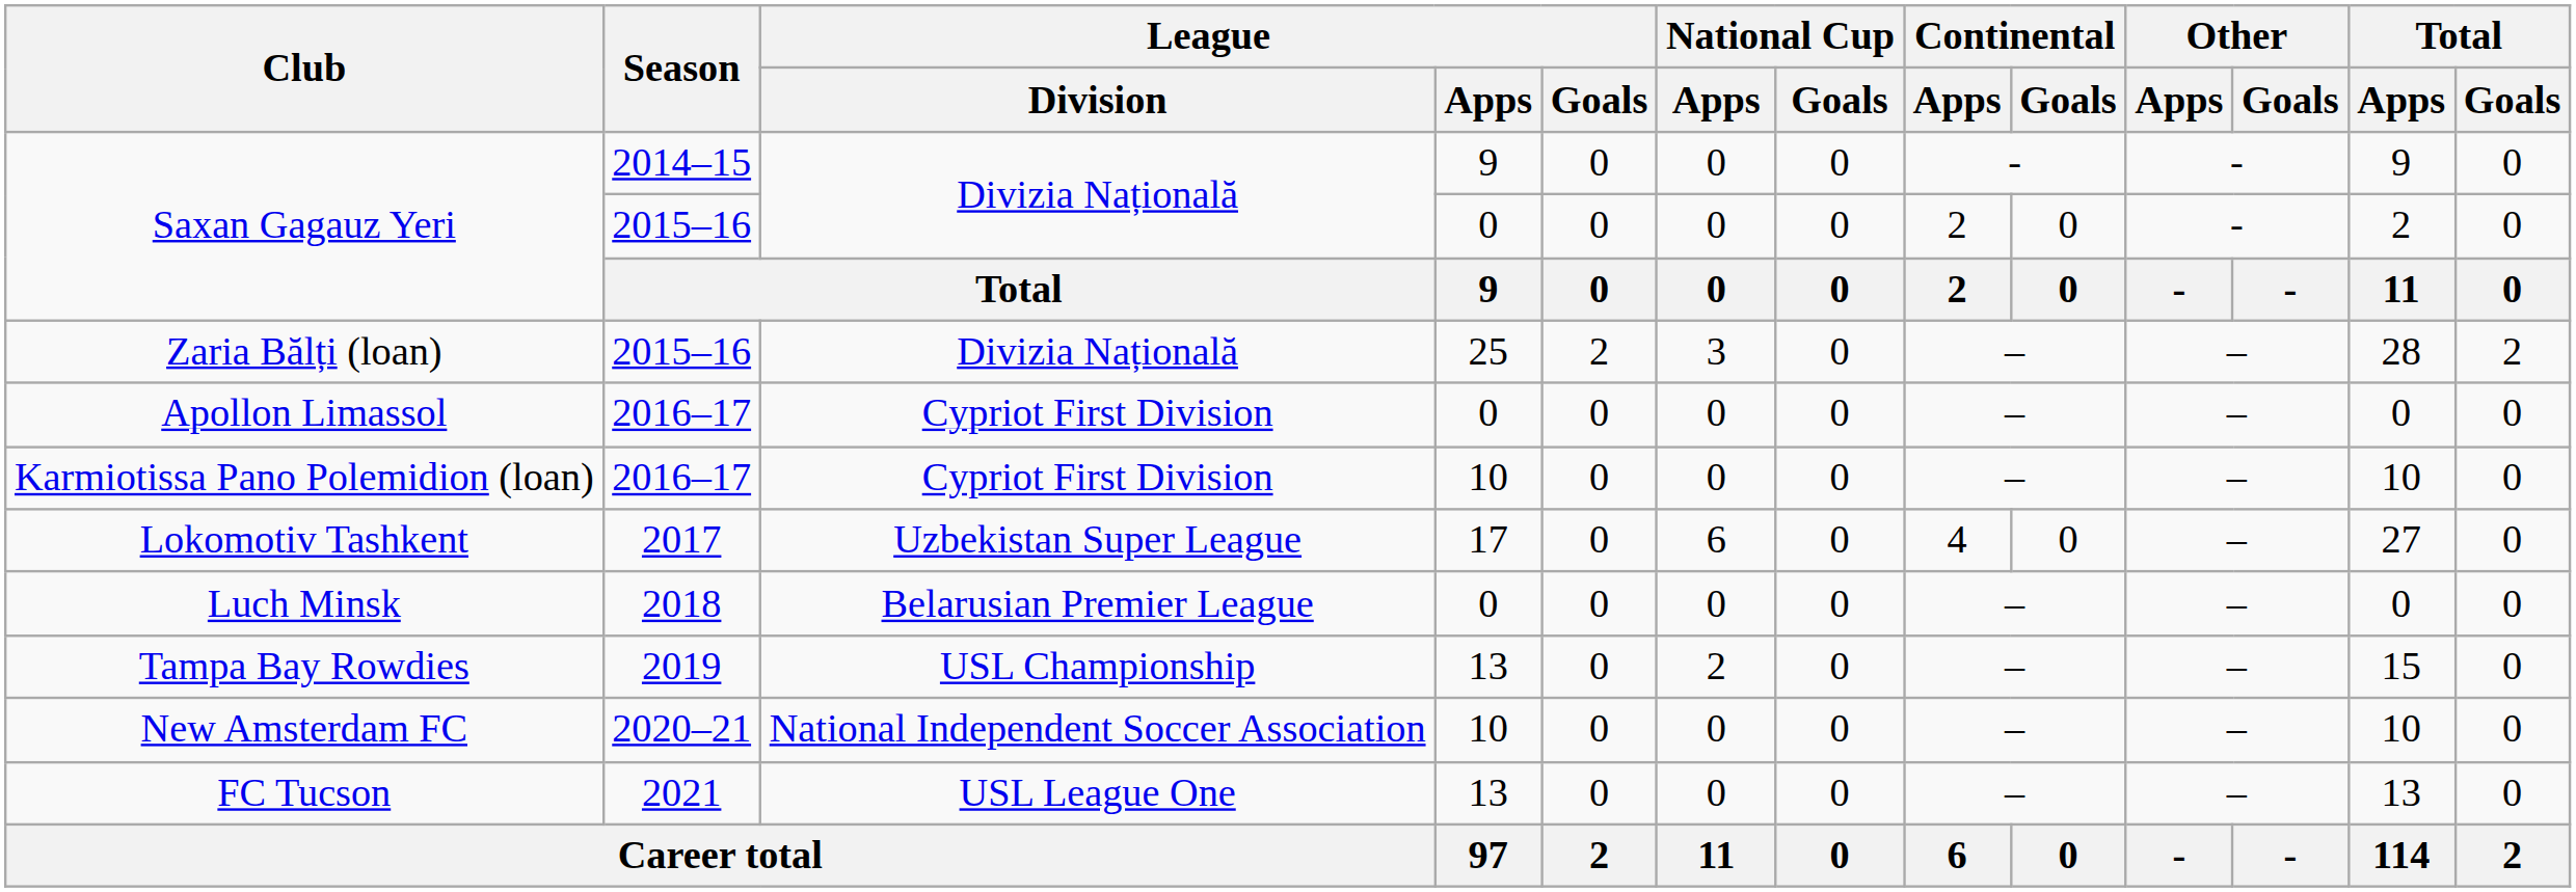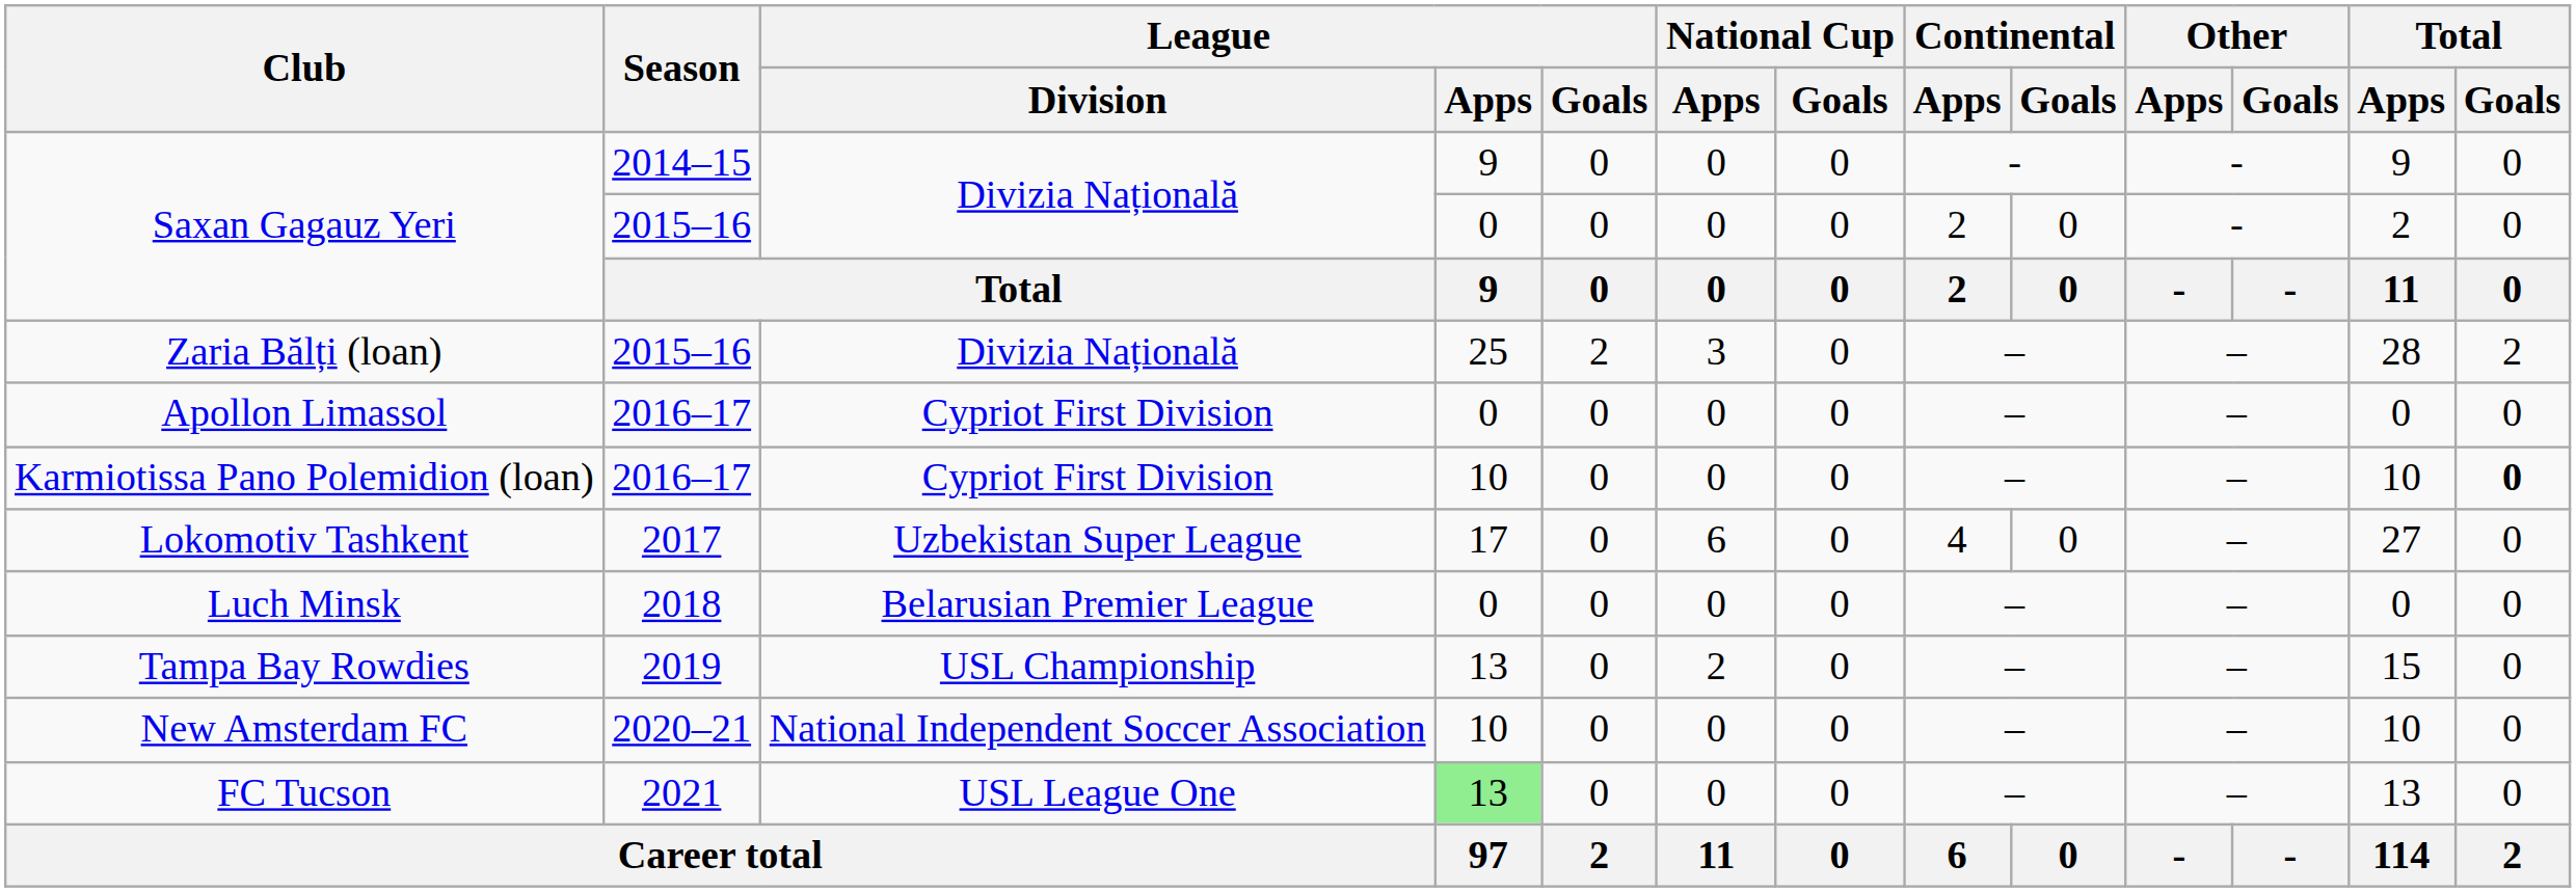 <table class="wikitable" style="text-align: center;">
 <tr>
 <th rowspan="2">Club</th>
 <th rowspan="2">Season</th>
 <th colspan="3">League</th>
 <th colspan="2">National Cup</th>
 <th colspan="2">Continental</th>
 <th colspan="2">Other</th>
 <th colspan="2">Total</th>
 </tr>
 <tr>
 <th>Division</th>
 <th>Apps</th>
 <th>Goals</th>
 <th>Apps</th>
 <th>Goals</th>
 <th>Apps</th>
 <th>Goals</th>
 <th>Apps</th>
 <th>Goals</th>
 <th>Apps</th>
 <th>Goals</th>
 </tr>
 <tr>
 <td rowspan="3" valign="center"><a href='#'>Saxan Gagauz Yeri</a></td>
 <td><a href='#'>2014–15</a></td>
 <td rowspan="2" valign="center"><a href='#'>Divizia Națională</a></td>
 <td>9</td>
 <td>0</td>
 <td>0</td>
 <td>0</td>
 <td colspan="2">-</td>
 <td colspan="2">-</td>
 <td>9</td>
 <td>0</td>
 </tr>
 <tr>
 <td><a href='#'>2015–16</a></td>
 <td>0</td>
 <td>0</td>
 <td>0</td>
 <td>0</td>
 <td>2</td>
 <td>0</td>
 <td colspan="2">-</td>
 <td>2</td>
 <td>0</td>
 </tr>
 <tr>
 <th colspan="2">Total</th>
 <th>9</th>
 <th>0</th>
 <th>0</th>
 <th>0</th>
 <th>2</th>
 <th>0</th>
 <th>-</th>
 <th>-</th>
 <th>11</th>
 <th>0</th>
 </tr>
 <tr>
 <td valign="center"><a href='#'>Zaria Bălți</a> (loan)</td>
 <td><a href='#'>2015–16</a></td>
 <td><a href='#'>Divizia Națională</a></td>
 <td>25</td>
 <td>2</td>
 <td>3</td>
 <td>0</td>
 <td colspan="2">–</td>
 <td colspan="2">–</td>
 <td>28</td>
 <td>2</td>
 </tr>
 <tr>
 <td valign="center"><a href='#'>Apollon Limassol</a></td>
 <td><a href='#'>2016–17</a></td>
 <td><a href='#'>Cypriot First Division</a></td>
 <td>0</td>
 <td>0</td>
 <td>0</td>
 <td>0</td>
 <td colspan="2">–</td>
 <td colspan="2">–</td>
 <td>0</td>
 <td>0</td>
 </tr>
 <tr>
 <td valign="center"><a href='#'>Karmiotissa Pano Polemidion</a> (loan)</td>
 <td><a href='#'>2016–17</a></td>
 <td><a href='#'>Cypriot First Division</a></td>
 <td>10</td>
 <td>0</td>
 <td>0</td>
 <td>0</td>
 <td colspan="2">–</td>
 <td colspan="2">–</td>
 <td>10</td>
-<td>0</td>
+<td><strong>0</strong></td>
 </tr>
 <tr>
 <td valign="center"><a href='#'>Lokomotiv Tashkent</a></td>
 <td><a href='#'>2017</a></td>
 <td><a href='#'>Uzbekistan Super League</a></td>
 <td>17</td>
 <td>0</td>
 <td>6</td>
 <td>0</td>
 <td>4</td>
 <td>0</td>
 <td colspan="2">–</td>
 <td>27</td>
 <td>0</td>
 </tr>
 <tr>
 <td valign="center"><a href='#'>Luch Minsk</a></td>
 <td><a href='#'>2018</a></td>
 <td><a href='#'>Belarusian Premier League</a></td>
 <td>0</td>
 <td>0</td>
 <td>0</td>
 <td>0</td>
 <td colspan="2">–</td>
 <td colspan="2">–</td>
 <td>0</td>
 <td>0</td>
 </tr>
 <tr>
 <td valign="center"><a href='#'>Tampa Bay Rowdies</a></td>
 <td><a href='#'>2019</a></td>
 <td><a href='#'>USL Championship</a></td>
 <td>13</td>
 <td>0</td>
 <td>2</td>
 <td>0</td>
 <td colspan="2">–</td>
 <td colspan="2">–</td>
 <td>15</td>
 <td>0</td>
 </tr>
 <tr>
 <td valign="center"><a href='#'>New Amsterdam FC</a></td>
 <td><a href='#'>2020–21</a></td>
 <td><a href='#'>National Independent Soccer Association</a></td>
 <td>10</td>
 <td>0</td>
 <td>0</td>
 <td>0</td>
 <td colspan="2">–</td>
 <td colspan="2">–</td>
 <td>10</td>
 <td>0</td>
 </tr>
 <tr>
 <td valign="center"><a href='#'>FC Tucson</a></td>
 <td><a href='#'>2021</a></td>
 <td><a href='#'>USL League One</a></td>
-<td>13</td>
+<td style="background: lightgreen;">13</td>
 <td>0</td>
 <td>0</td>
 <td>0</td>
 <td colspan="2">–</td>
 <td colspan="2">–</td>
 <td>13</td>
 <td>0</td>
 </tr>
 <tr>
 <th colspan="3">Career total</th>
 <th>97</th>
 <th>2</th>
 <th>11</th>
 <th>0</th>
 <th>6</th>
 <th>0</th>
 <th>-</th>
 <th>-</th>
 <th>114</th>
 <th>2</th>
 </tr>
 </table>
